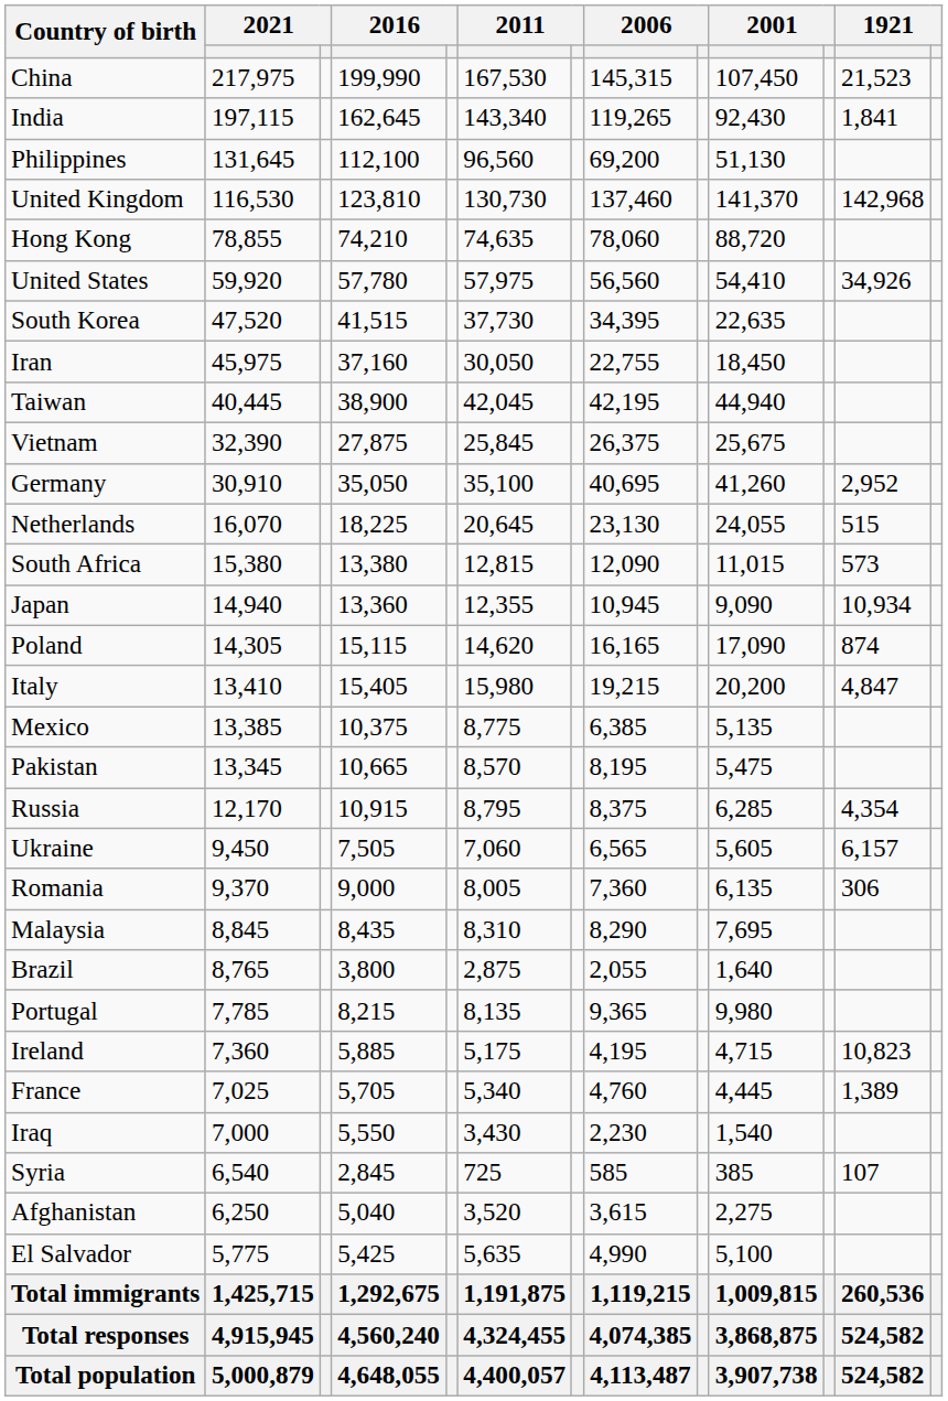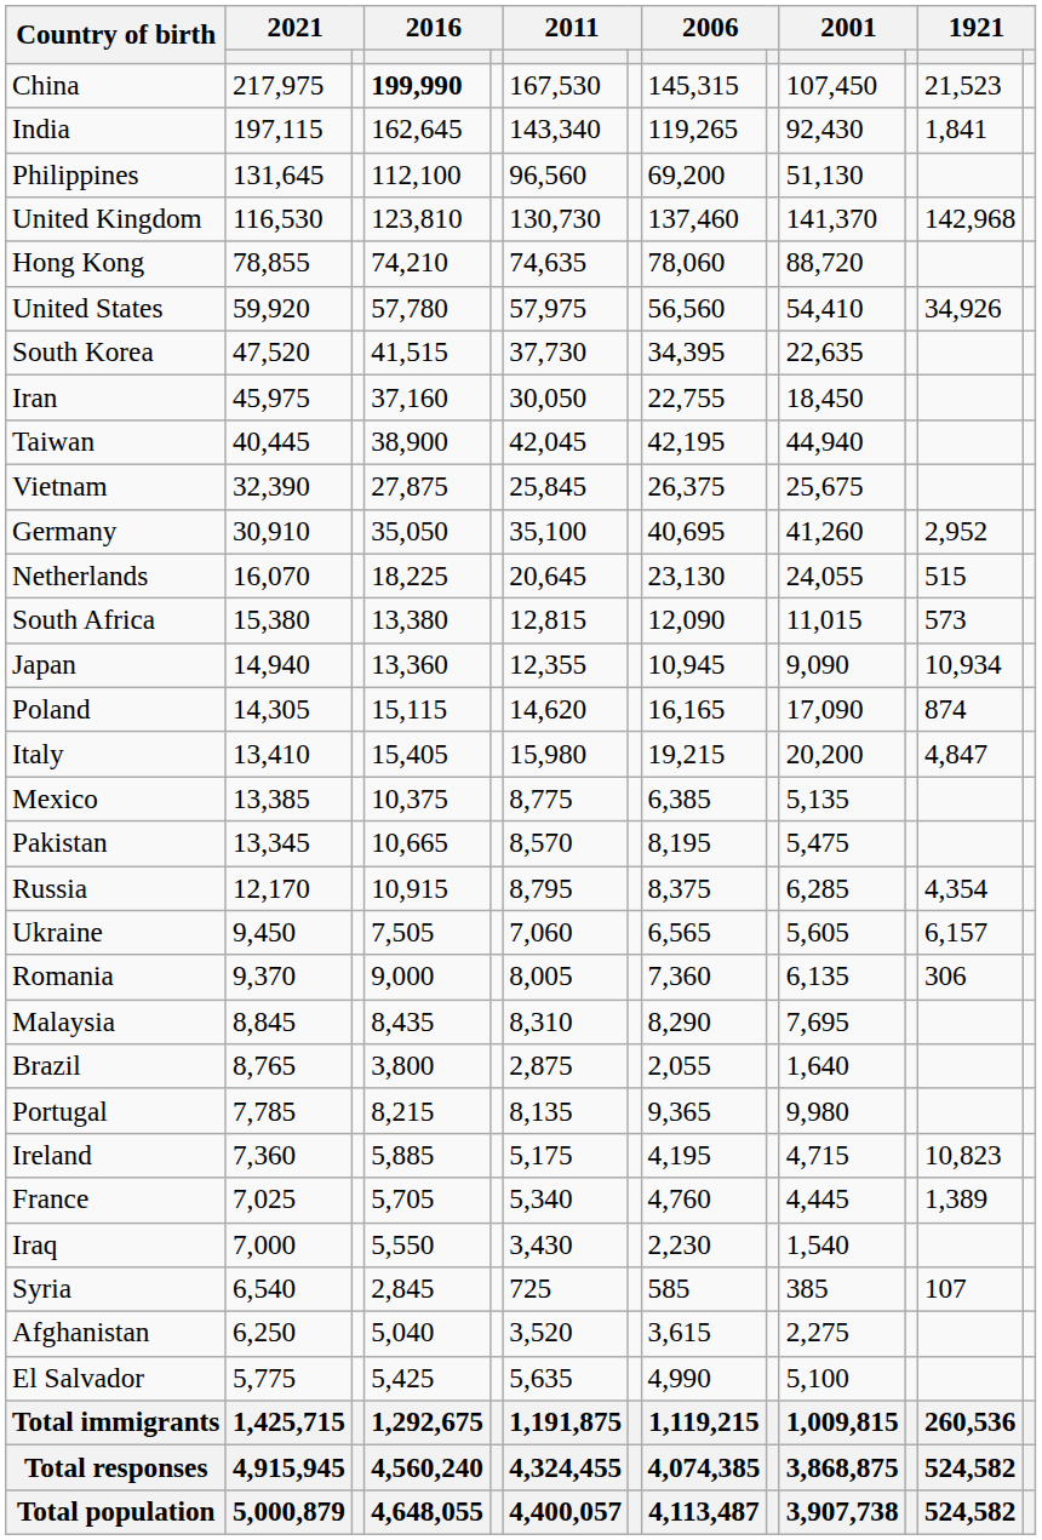 <table class="wikitable sortable">
 <tr>
 <th rowspan="2">Country of birth</th>
 <th colspan="2">2021</th>
 <th colspan="2">2016</th>
 <th colspan="2">2011</th>
 <th colspan="2">2006</th>
 <th colspan="2">2001</th>
 <th colspan="2">1921</th>
 </tr>
 <tr>
 <th><a href='#'></a></th>
 <th></th>
 <th></th>
 <th></th>
 <th></th>
 <th></th>
 <th></th>
 <th></th>
 <th></th>
 <th></th>
 <th></th>
 <th></th>
 </tr>
 <tr>
 <td>China</td>
 <td>217,975</td>
 <td></td>
-<td>199,990</td>
+<td><strong>199,990</strong></td>
 <td></td>
 <td>167,530</td>
 <td></td>
 <td>145,315</td>
 <td></td>
 <td>107,450</td>
 <td></td>
 <td>21,523</td>
 <td></td>
 </tr>
 <tr>
 <td>India</td>
 <td>197,115</td>
 <td></td>
 <td>162,645</td>
 <td></td>
 <td>143,340</td>
 <td></td>
 <td>119,265</td>
 <td></td>
 <td>92,430</td>
 <td></td>
 <td>1,841</td>
 <td></td>
 </tr>
 <tr>
 <td>Philippines</td>
 <td>131,645</td>
 <td></td>
 <td>112,100</td>
 <td></td>
 <td>96,560</td>
 <td></td>
 <td>69,200</td>
 <td></td>
 <td>51,130</td>
 <td></td>
 <td></td>
 <td></td>
 </tr>
 <tr>
 <td>United Kingdom</td>
 <td>116,530</td>
 <td></td>
 <td>123,810</td>
 <td></td>
 <td>130,730</td>
 <td></td>
 <td>137,460</td>
 <td></td>
 <td>141,370</td>
 <td></td>
 <td>142,968</td>
 <td></td>
 </tr>
 <tr>
 <td>Hong Kong</td>
 <td>78,855</td>
 <td></td>
 <td>74,210</td>
 <td></td>
 <td>74,635</td>
 <td></td>
 <td>78,060</td>
 <td></td>
 <td>88,720</td>
 <td></td>
 <td></td>
 <td></td>
 </tr>
 <tr>
 <td>United States</td>
 <td>59,920</td>
 <td></td>
 <td>57,780</td>
 <td></td>
 <td>57,975</td>
 <td></td>
 <td>56,560</td>
 <td></td>
 <td>54,410</td>
 <td></td>
 <td>34,926</td>
 <td></td>
 </tr>
 <tr>
 <td>South Korea</td>
 <td>47,520</td>
 <td></td>
 <td>41,515</td>
 <td></td>
 <td>37,730</td>
 <td></td>
 <td>34,395</td>
 <td></td>
 <td>22,635</td>
 <td></td>
 <td></td>
 <td></td>
 </tr>
 <tr>
 <td>Iran</td>
 <td>45,975</td>
 <td></td>
 <td>37,160</td>
 <td></td>
 <td>30,050</td>
 <td></td>
 <td>22,755</td>
 <td></td>
 <td>18,450</td>
 <td></td>
 <td></td>
 <td></td>
 </tr>
 <tr>
 <td>Taiwan</td>
 <td>40,445</td>
 <td></td>
 <td>38,900</td>
 <td></td>
 <td>42,045</td>
 <td></td>
 <td>42,195</td>
 <td></td>
 <td>44,940</td>
 <td></td>
 <td></td>
 <td></td>
 </tr>
 <tr>
 <td>Vietnam</td>
 <td>32,390</td>
 <td></td>
 <td>27,875</td>
 <td></td>
 <td>25,845</td>
 <td></td>
 <td>26,375</td>
 <td></td>
 <td>25,675</td>
 <td></td>
 <td></td>
 <td></td>
 </tr>
 <tr>
 <td>Germany</td>
 <td>30,910</td>
 <td></td>
 <td>35,050</td>
 <td></td>
 <td>35,100</td>
 <td></td>
 <td>40,695</td>
 <td></td>
 <td>41,260</td>
 <td></td>
 <td>2,952</td>
 <td></td>
 </tr>
 <tr>
 <td>Netherlands</td>
 <td>16,070</td>
 <td></td>
 <td>18,225</td>
 <td></td>
 <td>20,645</td>
 <td></td>
 <td>23,130</td>
 <td></td>
 <td>24,055</td>
 <td></td>
 <td>515</td>
 <td></td>
 </tr>
 <tr>
 <td>South Africa</td>
 <td>15,380</td>
 <td></td>
 <td>13,380</td>
 <td></td>
 <td>12,815</td>
 <td></td>
 <td>12,090</td>
 <td></td>
 <td>11,015</td>
 <td></td>
 <td>573</td>
 <td></td>
 </tr>
 <tr>
 <td>Japan</td>
 <td>14,940</td>
 <td></td>
 <td>13,360</td>
 <td></td>
 <td>12,355</td>
 <td></td>
 <td>10,945</td>
 <td></td>
 <td>9,090</td>
 <td></td>
 <td>10,934</td>
 <td></td>
 </tr>
 <tr>
 <td>Poland</td>
 <td>14,305</td>
 <td></td>
 <td>15,115</td>
 <td></td>
 <td>14,620</td>
 <td></td>
 <td>16,165</td>
 <td></td>
 <td>17,090</td>
 <td></td>
 <td>874</td>
 <td></td>
 </tr>
 <tr>
 <td>Italy</td>
 <td>13,410</td>
 <td></td>
 <td>15,405</td>
 <td></td>
 <td>15,980</td>
 <td></td>
 <td>19,215</td>
 <td></td>
 <td>20,200</td>
 <td></td>
 <td>4,847</td>
 <td></td>
 </tr>
 <tr>
 <td>Mexico</td>
 <td>13,385</td>
 <td></td>
 <td>10,375</td>
 <td></td>
 <td>8,775</td>
 <td></td>
 <td>6,385</td>
 <td></td>
 <td>5,135</td>
 <td></td>
 <td></td>
 <td></td>
 </tr>
 <tr>
 <td>Pakistan</td>
 <td>13,345</td>
 <td></td>
 <td>10,665</td>
 <td></td>
 <td>8,570</td>
 <td></td>
 <td>8,195</td>
 <td></td>
 <td>5,475</td>
 <td></td>
 <td></td>
 <td></td>
 </tr>
 <tr>
 <td>Russia</td>
 <td>12,170</td>
 <td></td>
 <td>10,915</td>
 <td></td>
 <td>8,795</td>
 <td></td>
 <td>8,375</td>
 <td></td>
 <td>6,285</td>
 <td></td>
 <td>4,354</td>
 <td></td>
 </tr>
 <tr>
 <td>Ukraine</td>
 <td>9,450</td>
 <td></td>
 <td>7,505</td>
 <td></td>
 <td>7,060</td>
 <td></td>
 <td>6,565</td>
 <td></td>
 <td>5,605</td>
 <td></td>
 <td>6,157</td>
 <td></td>
 </tr>
 <tr>
 <td>Romania</td>
 <td>9,370</td>
 <td></td>
 <td>9,000</td>
 <td></td>
 <td>8,005</td>
 <td></td>
 <td>7,360</td>
 <td></td>
 <td>6,135</td>
 <td></td>
 <td>306</td>
 <td></td>
 </tr>
 <tr>
 <td>Malaysia</td>
 <td>8,845</td>
 <td></td>
 <td>8,435</td>
 <td></td>
 <td>8,310</td>
 <td></td>
 <td>8,290</td>
 <td></td>
 <td>7,695</td>
 <td></td>
 <td></td>
 <td></td>
 </tr>
 <tr>
 <td>Brazil</td>
 <td>8,765</td>
 <td></td>
 <td>3,800</td>
 <td></td>
 <td>2,875</td>
 <td></td>
 <td>2,055</td>
 <td></td>
 <td>1,640</td>
 <td></td>
 <td></td>
 <td></td>
 </tr>
 <tr>
 <td>Portugal</td>
 <td>7,785</td>
 <td></td>
 <td>8,215</td>
 <td></td>
 <td>8,135</td>
 <td></td>
 <td>9,365</td>
 <td></td>
 <td>9,980</td>
 <td></td>
 <td></td>
 <td></td>
 </tr>
 <tr>
 <td>Ireland</td>
 <td>7,360</td>
 <td></td>
 <td>5,885</td>
 <td></td>
 <td>5,175</td>
 <td></td>
 <td>4,195</td>
 <td></td>
 <td>4,715</td>
 <td></td>
 <td>10,823</td>
 <td></td>
 </tr>
 <tr>
 <td>France</td>
 <td>7,025</td>
 <td></td>
 <td>5,705</td>
 <td></td>
 <td>5,340</td>
 <td></td>
 <td>4,760</td>
 <td></td>
 <td>4,445</td>
 <td></td>
 <td>1,389</td>
 <td></td>
 </tr>
 <tr>
 <td>Iraq</td>
 <td>7,000</td>
 <td></td>
 <td>5,550</td>
 <td></td>
 <td>3,430</td>
 <td></td>
 <td>2,230</td>
 <td></td>
 <td>1,540</td>
 <td></td>
 <td></td>
 <td></td>
 </tr>
 <tr>
 <td>Syria</td>
 <td>6,540</td>
 <td></td>
 <td>2,845</td>
 <td></td>
 <td>725</td>
 <td></td>
 <td>585</td>
 <td></td>
 <td>385</td>
 <td></td>
 <td>107</td>
 <td></td>
 </tr>
 <tr>
 <td>Afghanistan</td>
 <td>6,250</td>
 <td></td>
 <td>5,040</td>
 <td></td>
 <td>3,520</td>
 <td></td>
 <td>3,615</td>
 <td></td>
 <td>2,275</td>
 <td></td>
 <td></td>
 <td></td>
 </tr>
 <tr>
 <td>El Salvador</td>
 <td>5,775</td>
 <td></td>
 <td>5,425</td>
 <td></td>
 <td>5,635</td>
 <td></td>
 <td>4,990</td>
 <td></td>
 <td>5,100</td>
 <td></td>
 <td></td>
 <td></td>
 </tr>
 <tr>
 <th>Total immigrants</th>
 <th>1,425,715</th>
 <th></th>
 <th>1,292,675</th>
 <th></th>
 <th>1,191,875</th>
 <th></th>
 <th>1,119,215</th>
 <th></th>
 <th>1,009,815</th>
 <th></th>
 <th>260,536</th>
 <th></th>
 </tr>
 <tr class="sortbottom">
 <th>Total responses</th>
 <th>4,915,945</th>
 <th></th>
 <th>4,560,240</th>
 <th></th>
 <th>4,324,455</th>
 <th></th>
 <th>4,074,385</th>
 <th></th>
 <th>3,868,875</th>
 <th></th>
 <th>524,582</th>
 <th></th>
 </tr>
 <tr class="sortbottom">
 <th>Total population</th>
 <th>5,000,879</th>
 <th></th>
 <th>4,648,055</th>
 <th></th>
 <th>4,400,057</th>
 <th></th>
 <th>4,113,487</th>
 <th></th>
 <th>3,907,738</th>
 <th></th>
 <th>524,582</th>
 <th></th>
 </tr>
 </table>
